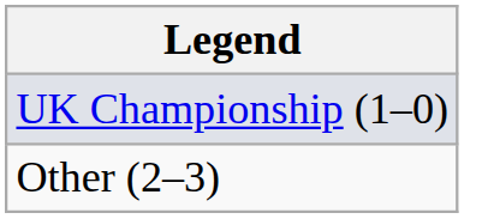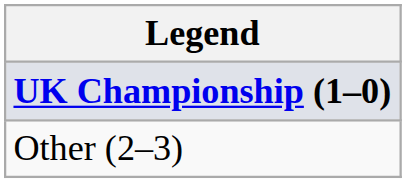 <table class="wikitable">
 <tr>
 <th>Legend</th>
 </tr>
 <tr style="background:#dfe2e9;">
-<td><a href='#'>UK Championship</a> (1–0)</td>
+<td><strong><a href='#'>UK Championship</a> (1–0)</strong></td>
 </tr>
 <tr bgcolor=>
 <td>Other (2–3)</td>
 </tr>
 </table>
